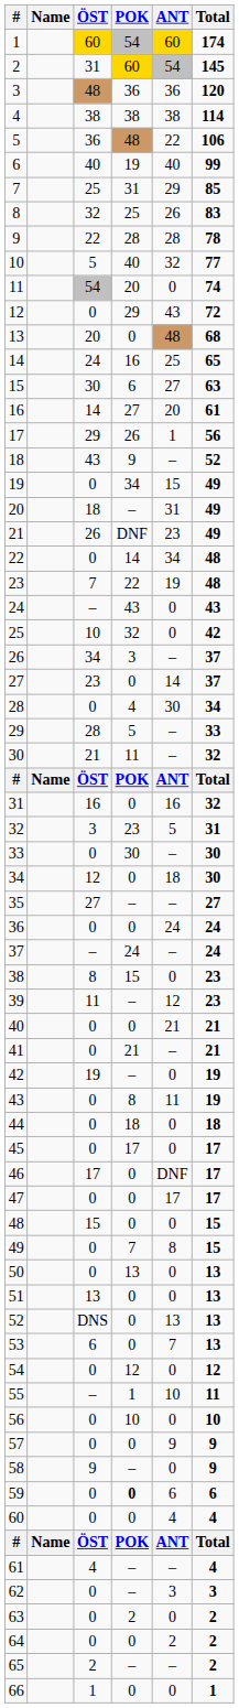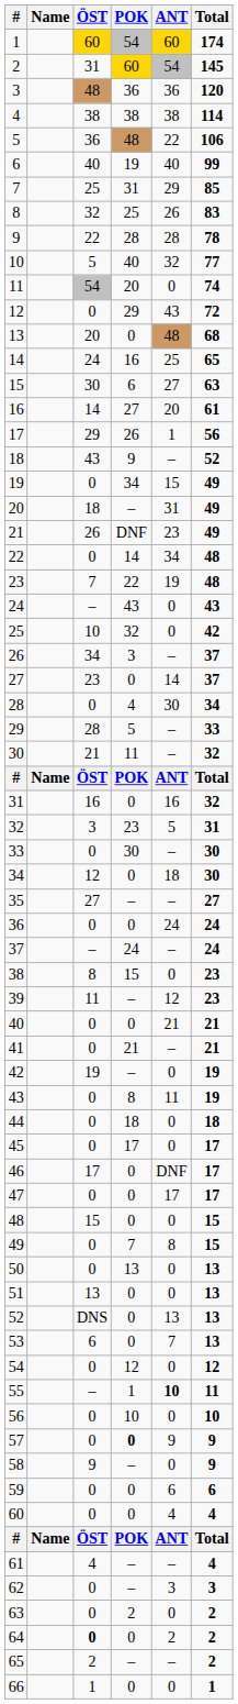 <table class="wikitable sortable" style="text-align:center;">
 <tr>
 <th>#</th>
 <th>Name</th>
 <th><a href='#'>ÖST</a></th>
 <th><a href='#'>POK</a></th>
 <th><a href='#'>ANT</a></th>
 <th><strong>Total</strong> </th>
 </tr>
 <tr>
 <td>1</td>
 <td align="left"></td>
 <td bgcolor="gold">60</td>
 <td bgcolor="silver">54</td>
 <td bgcolor="gold">60</td>
 <td><strong>174</strong></td>
 </tr>
 <tr>
 <td>2</td>
 <td align="left"></td>
 <td>31</td>
 <td bgcolor="gold">60</td>
 <td bgcolor="silver">54</td>
 <td><strong>145</strong></td>
 </tr>
 <tr>
 <td>3</td>
 <td align="left"></td>
 <td bgcolor="CC9966">48</td>
 <td>36</td>
 <td>36</td>
 <td><strong>120</strong></td>
 </tr>
 <tr>
 <td>4</td>
 <td align="left"></td>
 <td>38</td>
 <td>38</td>
 <td>38</td>
 <td><strong>114</strong></td>
 </tr>
 <tr>
 <td>5</td>
 <td align="left"></td>
 <td>36</td>
 <td bgcolor="CC9966">48</td>
 <td>22</td>
 <td><strong>106</strong></td>
 </tr>
 <tr>
 <td>6</td>
 <td align="left"></td>
 <td>40</td>
 <td>19</td>
 <td>40</td>
 <td><strong>99</strong></td>
 </tr>
 <tr>
 <td>7</td>
 <td align="left"></td>
 <td>25</td>
 <td>31</td>
 <td>29</td>
 <td><strong>85</strong></td>
 </tr>
 <tr>
 <td>8</td>
 <td align="left"></td>
 <td>32</td>
 <td>25</td>
 <td>26</td>
 <td><strong>83</strong></td>
 </tr>
 <tr>
 <td>9</td>
 <td align="left"></td>
 <td>22</td>
 <td>28</td>
 <td>28</td>
 <td><strong>78</strong></td>
 </tr>
 <tr>
 <td>10</td>
 <td align="left"></td>
 <td>5</td>
 <td>40</td>
 <td>32</td>
 <td><strong>77</strong></td>
 </tr>
 <tr>
 <td>11</td>
 <td align="left"></td>
 <td bgcolor="silver">54</td>
 <td>20</td>
 <td>0</td>
 <td><strong>74</strong></td>
 </tr>
 <tr>
 <td>12</td>
 <td align="left"></td>
 <td>0</td>
 <td>29</td>
 <td>43</td>
 <td><strong>72</strong></td>
 </tr>
 <tr>
 <td>13</td>
 <td align="left"></td>
 <td>20</td>
 <td>0</td>
 <td bgcolor="CC9966">48</td>
 <td><strong>68</strong></td>
 </tr>
 <tr>
 <td>14</td>
 <td align="left"></td>
 <td>24</td>
 <td>16</td>
 <td>25</td>
 <td><strong>65</strong></td>
 </tr>
 <tr>
 <td>15</td>
 <td align="left"></td>
 <td>30</td>
 <td>6</td>
 <td>27</td>
 <td><strong>63</strong></td>
 </tr>
 <tr>
 <td>16</td>
 <td align="left"></td>
 <td>14</td>
 <td>27</td>
 <td>20</td>
 <td><strong>61</strong></td>
 </tr>
 <tr>
 <td>17</td>
 <td align="left"></td>
 <td>29</td>
 <td>26</td>
 <td>1</td>
 <td><strong>56</strong></td>
 </tr>
 <tr>
 <td>18</td>
 <td align="left"></td>
 <td>43</td>
 <td>9</td>
 <td>–</td>
 <td><strong>52</strong></td>
 </tr>
 <tr>
 <td>19</td>
 <td align="left"></td>
 <td>0</td>
 <td>34</td>
 <td>15</td>
 <td><strong>49</strong></td>
 </tr>
 <tr>
 <td>20</td>
 <td align="left"></td>
 <td>18</td>
 <td>–</td>
 <td>31</td>
 <td><strong>49</strong></td>
 </tr>
 <tr>
 <td>21</td>
 <td align="left"></td>
 <td>26</td>
 <td>DNF</td>
 <td>23</td>
 <td><strong>49</strong></td>
 </tr>
 <tr>
 <td>22</td>
 <td align="left"></td>
 <td>0</td>
 <td>14</td>
 <td>34</td>
 <td><strong>48</strong></td>
 </tr>
 <tr>
 <td>23</td>
 <td align="left"></td>
 <td>7</td>
 <td>22</td>
 <td>19</td>
 <td><strong>48</strong></td>
 </tr>
 <tr>
 <td>24</td>
 <td align="left"></td>
 <td>–</td>
 <td>43</td>
 <td>0</td>
 <td><strong>43</strong></td>
 </tr>
 <tr>
 <td>25</td>
 <td align="left"></td>
 <td>10</td>
 <td>32</td>
 <td>0</td>
 <td><strong>42</strong></td>
 </tr>
 <tr>
 <td>26</td>
 <td align="left"></td>
 <td>34</td>
 <td>3</td>
 <td>–</td>
 <td><strong>37</strong></td>
 </tr>
 <tr>
 <td>27</td>
 <td align="left"></td>
 <td>23</td>
 <td>0</td>
 <td>14</td>
 <td><strong>37</strong></td>
 </tr>
 <tr>
 <td>28</td>
 <td align="left"></td>
 <td>0</td>
 <td>4</td>
 <td>30</td>
 <td><strong>34</strong></td>
 </tr>
 <tr>
 <td>29</td>
 <td align="left"></td>
 <td>28</td>
 <td>5</td>
 <td>–</td>
 <td><strong>33</strong></td>
 </tr>
 <tr>
 <td>30</td>
 <td align="left"></td>
 <td>21</td>
 <td>11</td>
 <td>–</td>
 <td><strong>32</strong></td>
 </tr>
 <tr>
 <th>#</th>
 <th>Name</th>
 <th><a href='#'>ÖST</a></th>
 <th><a href='#'>POK</a></th>
 <th><a href='#'>ANT</a></th>
 <th><strong>Total</strong></th>
 </tr>
 <tr>
 <td>31</td>
 <td align="left"></td>
 <td>16</td>
 <td>0</td>
 <td>16</td>
 <td><strong>32</strong></td>
 </tr>
 <tr>
 <td>32</td>
 <td align="left"></td>
 <td>3</td>
 <td>23</td>
 <td>5</td>
 <td><strong>31</strong></td>
 </tr>
 <tr>
 <td>33</td>
 <td align="left"></td>
 <td>0</td>
 <td>30</td>
 <td>–</td>
 <td><strong>30</strong></td>
 </tr>
 <tr>
 <td>34</td>
 <td align="left"></td>
 <td>12</td>
 <td>0</td>
 <td>18</td>
 <td><strong>30</strong></td>
 </tr>
 <tr>
 <td>35</td>
 <td align="left"></td>
 <td>27</td>
 <td>–</td>
 <td>–</td>
 <td><strong>27</strong></td>
 </tr>
 <tr>
 <td>36</td>
 <td align="left"></td>
 <td>0</td>
 <td>0</td>
 <td>24</td>
 <td><strong>24</strong></td>
 </tr>
 <tr>
 <td>37</td>
 <td align="left"></td>
 <td>–</td>
 <td>24</td>
 <td>–</td>
 <td><strong>24</strong></td>
 </tr>
 <tr>
 <td>38</td>
 <td align="left"></td>
 <td>8</td>
 <td>15</td>
 <td>0</td>
 <td><strong>23</strong></td>
 </tr>
 <tr>
 <td>39</td>
 <td align="left"></td>
 <td>11</td>
 <td>–</td>
 <td>12</td>
 <td><strong>23</strong></td>
 </tr>
 <tr>
 <td>40</td>
 <td align="left"></td>
 <td>0</td>
 <td>0</td>
 <td>21</td>
 <td><strong>21</strong></td>
 </tr>
 <tr>
 <td>41</td>
 <td align="left"></td>
 <td>0</td>
 <td>21</td>
 <td>–</td>
 <td><strong>21</strong></td>
 </tr>
 <tr>
 <td>42</td>
 <td align="left"></td>
 <td>19</td>
 <td>–</td>
 <td>0</td>
 <td><strong>19</strong></td>
 </tr>
 <tr>
 <td>43</td>
 <td align="left"></td>
 <td>0</td>
 <td>8</td>
 <td>11</td>
 <td><strong>19</strong></td>
 </tr>
 <tr>
 <td>44</td>
 <td align="left"></td>
 <td>0</td>
 <td>18</td>
 <td>0</td>
 <td><strong>18</strong></td>
 </tr>
 <tr>
 <td>45</td>
 <td align="left"></td>
 <td>0</td>
 <td>17</td>
 <td>0</td>
 <td><strong>17</strong></td>
 </tr>
 <tr>
 <td>46</td>
 <td align="left"></td>
 <td>17</td>
 <td>0</td>
 <td>DNF</td>
 <td><strong>17</strong></td>
 </tr>
 <tr>
 <td>47</td>
 <td align="left"></td>
 <td>0</td>
 <td>0</td>
 <td>17</td>
 <td><strong>17</strong></td>
 </tr>
 <tr>
 <td>48</td>
 <td align="left"></td>
 <td>15</td>
 <td>0</td>
 <td>0</td>
 <td><strong>15</strong></td>
 </tr>
 <tr>
 <td>49</td>
 <td align="left"></td>
 <td>0</td>
 <td>7</td>
 <td>8</td>
 <td><strong>15</strong></td>
 </tr>
 <tr>
 <td>50</td>
 <td align="left"></td>
 <td>0</td>
 <td>13</td>
 <td>0</td>
 <td><strong>13</strong></td>
 </tr>
 <tr>
 <td>51</td>
 <td align="left"></td>
 <td>13</td>
 <td>0</td>
 <td>0</td>
 <td><strong>13</strong></td>
 </tr>
 <tr>
 <td>52</td>
 <td align="left"></td>
 <td>DNS</td>
 <td>0</td>
 <td>13</td>
 <td><strong>13</strong></td>
 </tr>
 <tr>
 <td>53</td>
 <td align="left"></td>
 <td>6</td>
 <td>0</td>
 <td>7</td>
 <td><strong>13</strong></td>
 </tr>
 <tr>
 <td>54</td>
 <td align="left"></td>
 <td>0</td>
 <td>12</td>
 <td>0</td>
 <td><strong>12</strong></td>
 </tr>
 <tr>
 <td>55</td>
 <td align="left"></td>
 <td>–</td>
 <td>1</td>
-<td>10</td>
+<td><strong>10</strong></td>
 <td><strong>11</strong></td>
 </tr>
 <tr>
 <td>56</td>
 <td align="left"></td>
 <td>0</td>
 <td>10</td>
 <td>0</td>
 <td><strong>10</strong></td>
 </tr>
 <tr>
 <td>57</td>
 <td align="left"></td>
 <td>0</td>
-<td>0</td>
+<td><strong>0</strong></td>
 <td>9</td>
 <td><strong>9</strong></td>
 </tr>
 <tr>
 <td>58</td>
 <td align="left"></td>
 <td>9</td>
 <td>–</td>
 <td>0</td>
 <td><strong>9</strong></td>
 </tr>
 <tr>
 <td>59</td>
 <td align="left"></td>
 <td>0</td>
-<td><strong>0</strong></td>
+<td>0</td>
 <td>6</td>
 <td><strong>6</strong></td>
 </tr>
 <tr>
 <td>60</td>
 <td align="left"></td>
 <td>0</td>
 <td>0</td>
 <td>4</td>
 <td><strong>4</strong></td>
 </tr>
 <tr>
 <th>#</th>
 <th>Name</th>
 <th><a href='#'>ÖST</a></th>
 <th><a href='#'>POK</a></th>
 <th><a href='#'>ANT</a></th>
 <th><strong>Total</strong></th>
 </tr>
 <tr>
 <td>61</td>
 <td align="left"></td>
 <td>4</td>
 <td>–</td>
 <td>–</td>
 <td><strong>4</strong></td>
 </tr>
 <tr>
 <td>62</td>
 <td align="left"></td>
 <td>0</td>
 <td>–</td>
 <td>3</td>
 <td><strong>3</strong></td>
 </tr>
 <tr>
 <td>63</td>
 <td align="left"></td>
 <td>0</td>
 <td>2</td>
 <td>0</td>
 <td><strong>2</strong></td>
 </tr>
 <tr>
 <td>64</td>
 <td align="left"></td>
-<td>0</td>
+<td><strong>0</strong></td>
 <td>0</td>
 <td>2</td>
 <td><strong>2</strong></td>
 </tr>
 <tr>
 <td>65</td>
 <td align="left"></td>
 <td>2</td>
 <td>–</td>
 <td>–</td>
 <td><strong>2</strong></td>
 </tr>
 <tr>
 <td>66</td>
 <td align="left"></td>
 <td>1</td>
 <td>0</td>
 <td>0</td>
 <td><strong>1</strong></td>
 </tr>
 </table>
